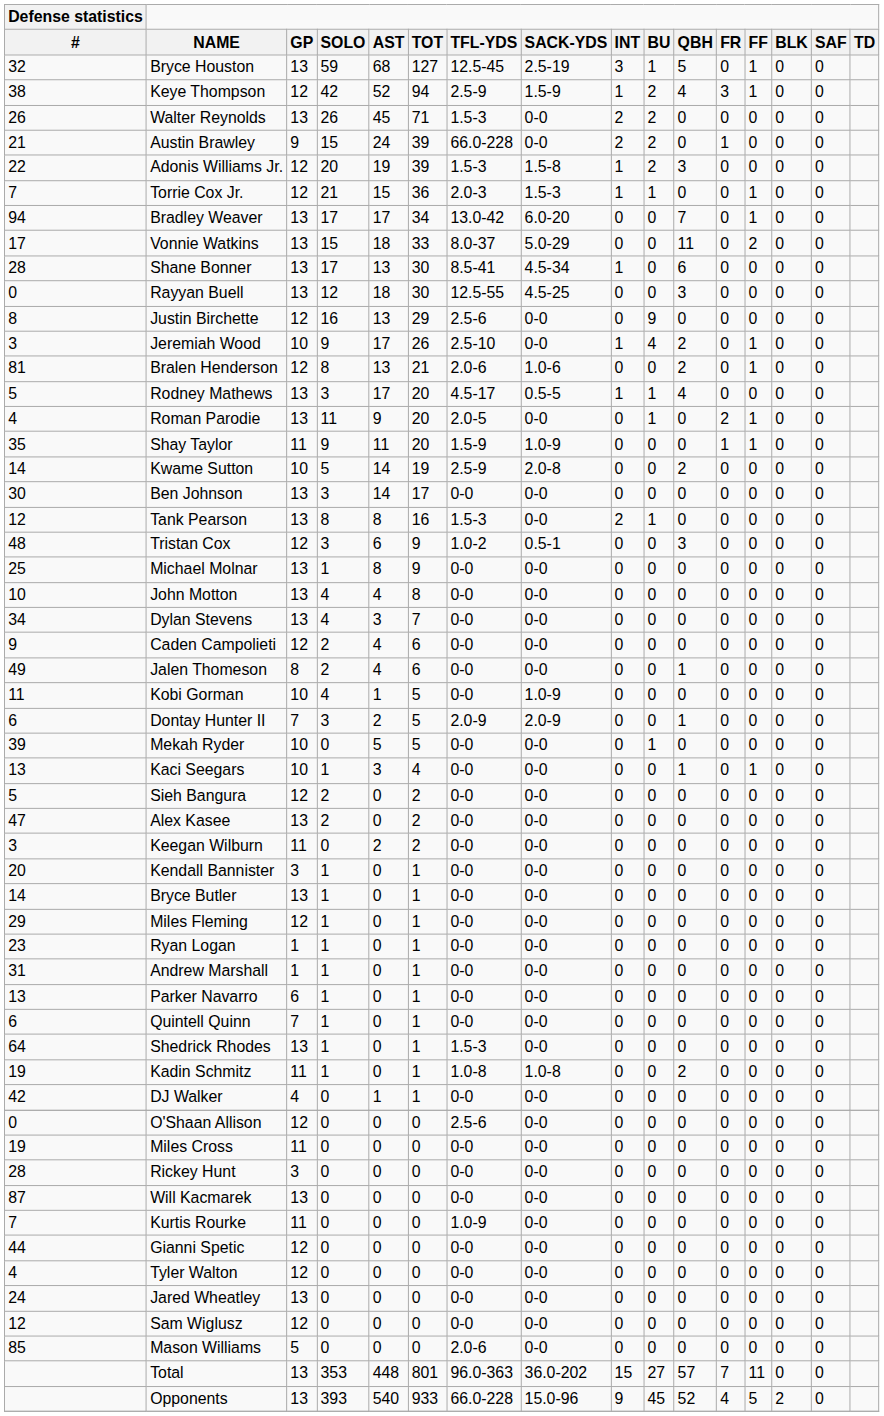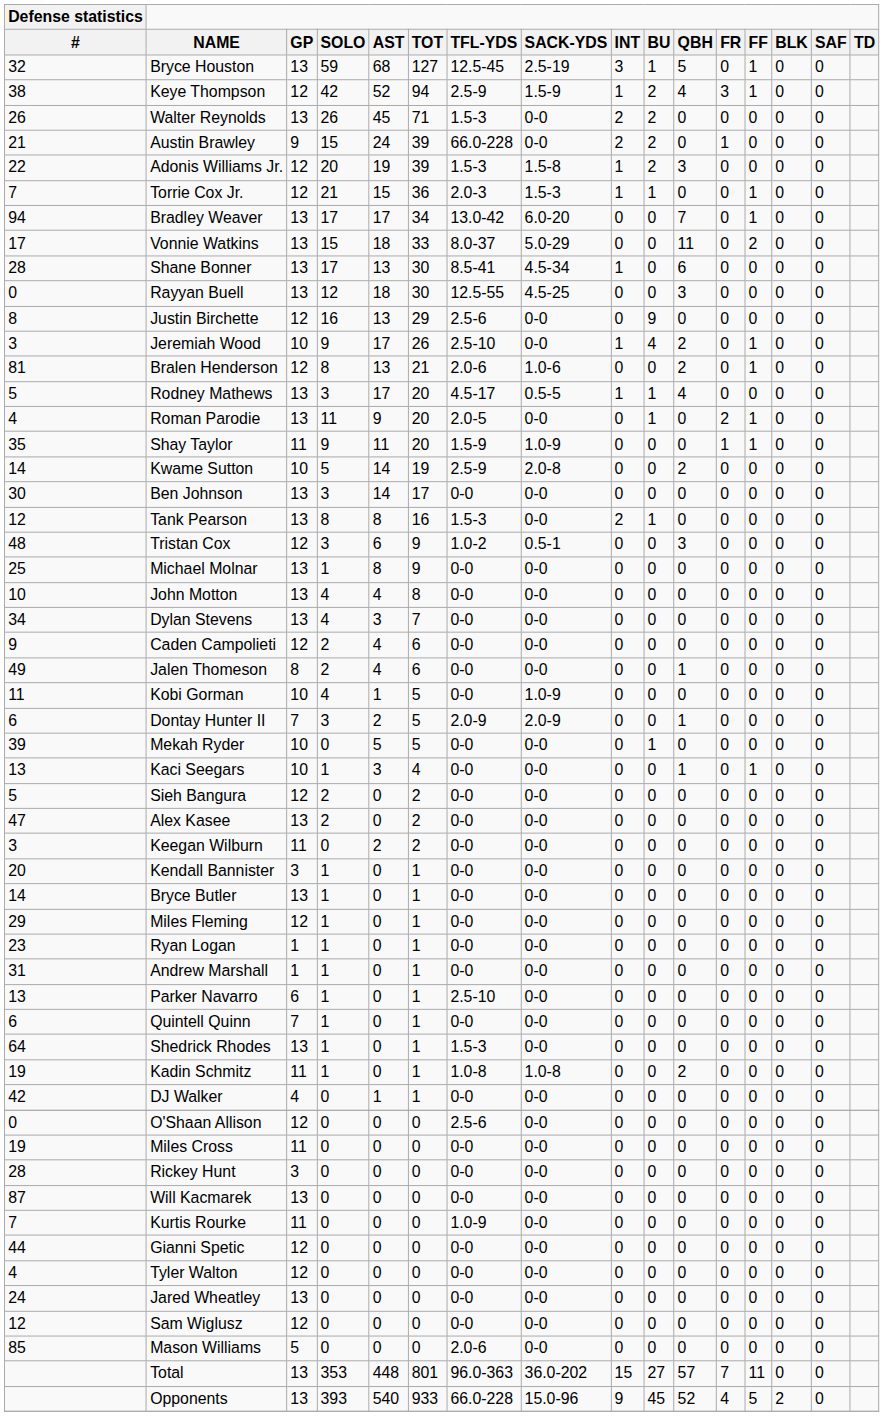 <table class="wikitable collapsible">
 <tr>
 <th style="text-align:center; ">Defense statistics</th>
 </tr>
 <tr>
 <th>#</th>
 <th>NAME</th>
 <th>GP</th>
 <th>SOLO</th>
 <th>AST</th>
 <th>TOT</th>
 <th>TFL-YDS</th>
 <th>SACK-YDS</th>
 <th>INT</th>
 <th>BU</th>
 <th>QBH</th>
 <th>FR</th>
 <th>FF</th>
 <th>BLK</th>
 <th>SAF</th>
 <th>TD</th>
 </tr>
 <tr>
 <td>32</td>
 <td>Bryce Houston</td>
 <td>13</td>
 <td>59</td>
 <td>68</td>
 <td>127</td>
 <td>12.5-45</td>
 <td>2.5-19</td>
 <td>3</td>
 <td>1</td>
 <td>5</td>
 <td>0</td>
 <td>1</td>
 <td>0</td>
 <td>0</td>
 <td></td>
 </tr>
 <tr>
 <td>38</td>
 <td>Keye Thompson</td>
 <td>12</td>
 <td>42</td>
 <td>52</td>
 <td>94</td>
 <td>2.5-9</td>
 <td>1.5-9</td>
 <td>1</td>
 <td>2</td>
 <td>4</td>
 <td>3</td>
 <td>1</td>
 <td>0</td>
 <td>0</td>
 <td></td>
 </tr>
 <tr>
 <td>26</td>
 <td>Walter Reynolds</td>
 <td>13</td>
 <td>26</td>
 <td>45</td>
 <td>71</td>
 <td>1.5-3</td>
 <td>0-0</td>
 <td>2</td>
 <td>2</td>
 <td>0</td>
 <td>0</td>
 <td>0</td>
 <td>0</td>
 <td>0</td>
 <td></td>
 </tr>
 <tr>
 <td>21</td>
 <td>Austin Brawley</td>
 <td>9</td>
 <td>15</td>
 <td>24</td>
 <td>39</td>
 <td>66.0-228</td>
 <td>0-0</td>
 <td>2</td>
 <td>2</td>
 <td>0</td>
 <td>1</td>
 <td>0</td>
 <td>0</td>
 <td>0</td>
 <td></td>
 </tr>
 <tr>
 <td>22</td>
 <td>Adonis Williams Jr.</td>
 <td>12</td>
 <td>20</td>
 <td>19</td>
 <td>39</td>
 <td>1.5-3</td>
 <td>1.5-8</td>
 <td>1</td>
 <td>2</td>
 <td>3</td>
 <td>0</td>
 <td>0</td>
 <td>0</td>
 <td>0</td>
 <td></td>
 </tr>
 <tr>
 <td>7</td>
 <td>Torrie Cox Jr.</td>
 <td>12</td>
 <td>21</td>
 <td>15</td>
 <td>36</td>
 <td>2.0-3</td>
 <td>1.5-3</td>
 <td>1</td>
 <td>1</td>
 <td>0</td>
 <td>0</td>
 <td>1</td>
 <td>0</td>
 <td>0</td>
 <td></td>
 </tr>
 <tr>
 <td>94</td>
 <td>Bradley Weaver</td>
 <td>13</td>
 <td>17</td>
 <td>17</td>
 <td>34</td>
 <td>13.0-42</td>
 <td>6.0-20</td>
 <td>0</td>
 <td>0</td>
 <td>7</td>
 <td>0</td>
 <td>1</td>
 <td>0</td>
 <td>0</td>
 <td></td>
 </tr>
 <tr>
 <td>17</td>
 <td>Vonnie Watkins</td>
 <td>13</td>
 <td>15</td>
 <td>18</td>
 <td>33</td>
 <td>8.0-37</td>
 <td>5.0-29</td>
 <td>0</td>
 <td>0</td>
 <td>11</td>
 <td>0</td>
 <td>2</td>
 <td>0</td>
 <td>0</td>
 <td></td>
 </tr>
 <tr>
 <td>28</td>
 <td>Shane Bonner</td>
 <td>13</td>
 <td>17</td>
 <td>13</td>
 <td>30</td>
 <td>8.5-41</td>
 <td>4.5-34</td>
 <td>1</td>
 <td>0</td>
 <td>6</td>
 <td>0</td>
 <td>0</td>
 <td>0</td>
 <td>0</td>
 <td></td>
 </tr>
 <tr>
 <td>0</td>
 <td>Rayyan Buell</td>
 <td>13</td>
 <td>12</td>
 <td>18</td>
 <td>30</td>
 <td>12.5-55</td>
 <td>4.5-25</td>
 <td>0</td>
 <td>0</td>
 <td>3</td>
 <td>0</td>
 <td>0</td>
 <td>0</td>
 <td>0</td>
 <td></td>
 </tr>
 <tr>
 <td>8</td>
 <td>Justin Birchette</td>
 <td>12</td>
 <td>16</td>
 <td>13</td>
 <td>29</td>
 <td>2.5-6</td>
 <td>0-0</td>
 <td>0</td>
 <td>9</td>
 <td>0</td>
 <td>0</td>
 <td>0</td>
 <td>0</td>
 <td>0</td>
 <td></td>
 </tr>
 <tr>
 <td>3</td>
 <td>Jeremiah Wood</td>
 <td>10</td>
 <td>9</td>
 <td>17</td>
 <td>26</td>
 <td>2.5-10</td>
 <td>0-0</td>
 <td>1</td>
 <td>4</td>
 <td>2</td>
 <td>0</td>
 <td>1</td>
 <td>0</td>
 <td>0</td>
 <td></td>
 </tr>
 <tr>
 <td>81</td>
 <td>Bralen Henderson</td>
 <td>12</td>
 <td>8</td>
 <td>13</td>
 <td>21</td>
 <td>2.0-6</td>
 <td>1.0-6</td>
 <td>0</td>
 <td>0</td>
 <td>2</td>
 <td>0</td>
 <td>1</td>
 <td>0</td>
 <td>0</td>
 <td></td>
 </tr>
 <tr>
 <td>5</td>
 <td>Rodney Mathews</td>
 <td>13</td>
 <td>3</td>
 <td>17</td>
 <td>20</td>
 <td>4.5-17</td>
 <td>0.5-5</td>
 <td>1</td>
 <td>1</td>
 <td>4</td>
 <td>0</td>
 <td>0</td>
 <td>0</td>
 <td>0</td>
 <td></td>
 </tr>
 <tr>
 <td>4</td>
 <td>Roman Parodie</td>
 <td>13</td>
 <td>11</td>
 <td>9</td>
 <td>20</td>
 <td>2.0-5</td>
 <td>0-0</td>
 <td>0</td>
 <td>1</td>
 <td>0</td>
 <td>2</td>
 <td>1</td>
 <td>0</td>
 <td>0</td>
 <td></td>
 </tr>
 <tr>
 <td>35</td>
 <td>Shay Taylor</td>
 <td>11</td>
 <td>9</td>
 <td>11</td>
 <td>20</td>
 <td>1.5-9</td>
 <td>1.0-9</td>
 <td>0</td>
 <td>0</td>
 <td>0</td>
 <td>1</td>
 <td>1</td>
 <td>0</td>
 <td>0</td>
 <td></td>
 </tr>
 <tr>
 <td>14</td>
 <td>Kwame Sutton</td>
 <td>10</td>
 <td>5</td>
 <td>14</td>
 <td>19</td>
 <td>2.5-9</td>
 <td>2.0-8</td>
 <td>0</td>
 <td>0</td>
 <td>2</td>
 <td>0</td>
 <td>0</td>
 <td>0</td>
 <td>0</td>
 <td></td>
 </tr>
 <tr>
 <td>30</td>
 <td>Ben Johnson</td>
 <td>13</td>
 <td>3</td>
 <td>14</td>
 <td>17</td>
 <td>0-0</td>
 <td>0-0</td>
 <td>0</td>
 <td>0</td>
 <td>0</td>
 <td>0</td>
 <td>0</td>
 <td>0</td>
 <td>0</td>
 <td></td>
 </tr>
 <tr>
 <td>12</td>
 <td>Tank Pearson</td>
 <td>13</td>
 <td>8</td>
 <td>8</td>
 <td>16</td>
 <td>1.5-3</td>
 <td>0-0</td>
 <td>2</td>
 <td>1</td>
 <td>0</td>
 <td>0</td>
 <td>0</td>
 <td>0</td>
 <td>0</td>
 <td></td>
 </tr>
 <tr>
 <td>48</td>
 <td>Tristan Cox</td>
 <td>12</td>
 <td>3</td>
 <td>6</td>
 <td>9</td>
 <td>1.0-2</td>
 <td>0.5-1</td>
 <td>0</td>
 <td>0</td>
 <td>3</td>
 <td>0</td>
 <td>0</td>
 <td>0</td>
 <td>0</td>
 <td></td>
 </tr>
 <tr>
 <td>25</td>
 <td>Michael Molnar</td>
 <td>13</td>
 <td>1</td>
 <td>8</td>
 <td>9</td>
 <td>0-0</td>
 <td>0-0</td>
 <td>0</td>
 <td>0</td>
 <td>0</td>
 <td>0</td>
 <td>0</td>
 <td>0</td>
 <td>0</td>
 <td></td>
 </tr>
 <tr>
 <td>10</td>
 <td>John Motton</td>
 <td>13</td>
 <td>4</td>
 <td>4</td>
 <td>8</td>
 <td>0-0</td>
 <td>0-0</td>
 <td>0</td>
 <td>0</td>
 <td>0</td>
 <td>0</td>
 <td>0</td>
 <td>0</td>
 <td>0</td>
 <td></td>
 </tr>
 <tr>
 <td>34</td>
 <td>Dylan Stevens</td>
 <td>13</td>
 <td>4</td>
 <td>3</td>
 <td>7</td>
 <td>0-0</td>
 <td>0-0</td>
 <td>0</td>
 <td>0</td>
 <td>0</td>
 <td>0</td>
 <td>0</td>
 <td>0</td>
 <td>0</td>
 <td></td>
 </tr>
 <tr>
 <td>9</td>
 <td>Caden Campolieti</td>
 <td>12</td>
 <td>2</td>
 <td>4</td>
 <td>6</td>
 <td>0-0</td>
 <td>0-0</td>
 <td>0</td>
 <td>0</td>
 <td>0</td>
 <td>0</td>
 <td>0</td>
 <td>0</td>
 <td>0</td>
 <td></td>
 </tr>
 <tr>
 <td>49</td>
 <td>Jalen Thomeson</td>
 <td>8</td>
 <td>2</td>
 <td>4</td>
 <td>6</td>
 <td>0-0</td>
 <td>0-0</td>
 <td>0</td>
 <td>0</td>
 <td>1</td>
 <td>0</td>
 <td>0</td>
 <td>0</td>
 <td>0</td>
 <td></td>
 </tr>
 <tr>
 <td>11</td>
 <td>Kobi Gorman</td>
 <td>10</td>
 <td>4</td>
 <td>1</td>
 <td>5</td>
 <td>0-0</td>
 <td>1.0-9</td>
 <td>0</td>
 <td>0</td>
 <td>0</td>
 <td>0</td>
 <td>0</td>
 <td>0</td>
 <td>0</td>
 <td></td>
 </tr>
 <tr>
 <td>6</td>
 <td>Dontay Hunter II</td>
 <td>7</td>
 <td>3</td>
 <td>2</td>
 <td>5</td>
 <td>2.0-9</td>
 <td>2.0-9</td>
 <td>0</td>
 <td>0</td>
 <td>1</td>
 <td>0</td>
 <td>0</td>
 <td>0</td>
 <td>0</td>
 <td></td>
 </tr>
 <tr>
 <td>39</td>
 <td>Mekah Ryder</td>
 <td>10</td>
 <td>0</td>
 <td>5</td>
 <td>5</td>
 <td>0-0</td>
 <td>0-0</td>
 <td>0</td>
 <td>1</td>
 <td>0</td>
 <td>0</td>
 <td>0</td>
 <td>0</td>
 <td>0</td>
 <td></td>
 </tr>
 <tr>
 <td>13</td>
 <td>Kaci Seegars</td>
 <td>10</td>
 <td>1</td>
 <td>3</td>
 <td>4</td>
 <td>0-0</td>
 <td>0-0</td>
 <td>0</td>
 <td>0</td>
 <td>1</td>
 <td>0</td>
 <td>1</td>
 <td>0</td>
 <td>0</td>
 <td></td>
 </tr>
 <tr>
 <td>5</td>
 <td>Sieh Bangura</td>
 <td>12</td>
 <td>2</td>
 <td>0</td>
 <td>2</td>
 <td>0-0</td>
 <td>0-0</td>
 <td>0</td>
 <td>0</td>
 <td>0</td>
 <td>0</td>
 <td>0</td>
 <td>0</td>
 <td>0</td>
 <td></td>
 </tr>
 <tr>
 <td>47</td>
 <td>Alex Kasee</td>
 <td>13</td>
 <td>2</td>
 <td>0</td>
 <td>2</td>
 <td>0-0</td>
 <td>0-0</td>
 <td>0</td>
 <td>0</td>
 <td>0</td>
 <td>0</td>
 <td>0</td>
 <td>0</td>
 <td>0</td>
 <td></td>
 </tr>
 <tr>
 <td>3</td>
 <td>Keegan Wilburn</td>
 <td>11</td>
 <td>0</td>
 <td>2</td>
 <td>2</td>
 <td>0-0</td>
 <td>0-0</td>
 <td>0</td>
 <td>0</td>
 <td>0</td>
 <td>0</td>
 <td>0</td>
 <td>0</td>
 <td>0</td>
 <td></td>
 </tr>
 <tr>
 <td>20</td>
 <td>Kendall Bannister</td>
 <td>3</td>
 <td>1</td>
 <td>0</td>
 <td>1</td>
 <td>0-0</td>
 <td>0-0</td>
 <td>0</td>
 <td>0</td>
 <td>0</td>
 <td>0</td>
 <td>0</td>
 <td>0</td>
 <td>0</td>
 <td></td>
 </tr>
 <tr>
 <td>14</td>
 <td>Bryce Butler</td>
 <td>13</td>
 <td>1</td>
 <td>0</td>
 <td>1</td>
 <td>0-0</td>
 <td>0-0</td>
 <td>0</td>
 <td>0</td>
 <td>0</td>
 <td>0</td>
 <td>0</td>
 <td>0</td>
 <td>0</td>
 <td></td>
 </tr>
 <tr>
 <td>29</td>
 <td>Miles Fleming</td>
 <td>12</td>
 <td>1</td>
 <td>0</td>
 <td>1</td>
 <td>0-0</td>
 <td>0-0</td>
 <td>0</td>
 <td>0</td>
 <td>0</td>
 <td>0</td>
 <td>0</td>
 <td>0</td>
 <td>0</td>
 <td></td>
 </tr>
 <tr>
 <td>23</td>
 <td>Ryan Logan</td>
 <td>1</td>
 <td>1</td>
 <td>0</td>
 <td>1</td>
 <td>0-0</td>
 <td>0-0</td>
 <td>0</td>
 <td>0</td>
 <td>0</td>
 <td>0</td>
 <td>0</td>
 <td>0</td>
 <td>0</td>
 <td></td>
 </tr>
 <tr>
 <td>31</td>
 <td>Andrew Marshall</td>
 <td>1</td>
 <td>1</td>
 <td>0</td>
 <td>1</td>
 <td>0-0</td>
 <td>0-0</td>
 <td>0</td>
 <td>0</td>
 <td>0</td>
 <td>0</td>
 <td>0</td>
 <td>0</td>
 <td>0</td>
 <td></td>
 </tr>
 <tr>
 <td>13</td>
 <td>Parker Navarro</td>
 <td>6</td>
 <td>1</td>
 <td>0</td>
 <td>1</td>
-<td>0-0</td>
+<td>2.5-10</td>
 <td>0-0</td>
 <td>0</td>
 <td>0</td>
 <td>0</td>
 <td>0</td>
 <td>0</td>
 <td>0</td>
 <td>0</td>
 <td></td>
 </tr>
 <tr>
 <td>6</td>
 <td>Quintell Quinn</td>
 <td>7</td>
 <td>1</td>
 <td>0</td>
 <td>1</td>
 <td>0-0</td>
 <td>0-0</td>
 <td>0</td>
 <td>0</td>
 <td>0</td>
 <td>0</td>
 <td>0</td>
 <td>0</td>
 <td>0</td>
 <td></td>
 </tr>
 <tr>
 <td>64</td>
 <td>Shedrick Rhodes</td>
 <td>13</td>
 <td>1</td>
 <td>0</td>
 <td>1</td>
 <td>1.5-3</td>
 <td>0-0</td>
 <td>0</td>
 <td>0</td>
 <td>0</td>
 <td>0</td>
 <td>0</td>
 <td>0</td>
 <td>0</td>
 <td></td>
 </tr>
 <tr>
 <td>19</td>
 <td>Kadin Schmitz</td>
 <td>11</td>
 <td>1</td>
 <td>0</td>
 <td>1</td>
 <td>1.0-8</td>
 <td>1.0-8</td>
 <td>0</td>
 <td>0</td>
 <td>2</td>
 <td>0</td>
 <td>0</td>
 <td>0</td>
 <td>0</td>
 <td></td>
 </tr>
 <tr>
 <td>42</td>
 <td>DJ Walker</td>
 <td>4</td>
 <td>0</td>
 <td>1</td>
 <td>1</td>
 <td>0-0</td>
 <td>0-0</td>
 <td>0</td>
 <td>0</td>
 <td>0</td>
 <td>0</td>
 <td>0</td>
 <td>0</td>
 <td>0</td>
 <td></td>
 </tr>
 <tr>
 </tr>
 <tr>
 <td>0</td>
 <td>O'Shaan Allison</td>
 <td>12</td>
 <td>0</td>
 <td>0</td>
 <td>0</td>
 <td>2.5-6</td>
 <td>0-0</td>
 <td>0</td>
 <td>0</td>
 <td>0</td>
 <td>0</td>
 <td>0</td>
 <td>0</td>
 <td>0</td>
 <td></td>
 </tr>
 <tr>
 <td>19</td>
 <td>Miles Cross</td>
 <td>11</td>
 <td>0</td>
 <td>0</td>
 <td>0</td>
 <td>0-0</td>
 <td>0-0</td>
 <td>0</td>
 <td>0</td>
 <td>0</td>
 <td>0</td>
 <td>0</td>
 <td>0</td>
 <td>0</td>
 <td></td>
 </tr>
 <tr>
 <td>28</td>
 <td>Rickey Hunt</td>
 <td>3</td>
 <td>0</td>
 <td>0</td>
 <td>0</td>
 <td>0-0</td>
 <td>0-0</td>
 <td>0</td>
 <td>0</td>
 <td>0</td>
 <td>0</td>
 <td>0</td>
 <td>0</td>
 <td>0</td>
 <td></td>
 </tr>
 <tr>
 <td>87</td>
 <td>Will Kacmarek</td>
 <td>13</td>
 <td>0</td>
 <td>0</td>
 <td>0</td>
 <td>0-0</td>
 <td>0-0</td>
 <td>0</td>
 <td>0</td>
 <td>0</td>
 <td>0</td>
 <td>0</td>
 <td>0</td>
 <td>0</td>
 <td></td>
 </tr>
 <tr>
 <td>7</td>
 <td>Kurtis Rourke</td>
 <td>11</td>
 <td>0</td>
 <td>0</td>
 <td>0</td>
 <td>1.0-9</td>
 <td>0-0</td>
 <td>0</td>
 <td>0</td>
 <td>0</td>
 <td>0</td>
 <td>0</td>
 <td>0</td>
 <td>0</td>
 <td></td>
 </tr>
 <tr>
 <td>44</td>
 <td>Gianni Spetic</td>
 <td>12</td>
 <td>0</td>
 <td>0</td>
 <td>0</td>
 <td>0-0</td>
 <td>0-0</td>
 <td>0</td>
 <td>0</td>
 <td>0</td>
 <td>0</td>
 <td>0</td>
 <td>0</td>
 <td>0</td>
 <td></td>
 </tr>
 <tr>
 <td>4</td>
 <td>Tyler Walton</td>
 <td>12</td>
 <td>0</td>
 <td>0</td>
 <td>0</td>
 <td>0-0</td>
 <td>0-0</td>
 <td>0</td>
 <td>0</td>
 <td>0</td>
 <td>0</td>
 <td>0</td>
 <td>0</td>
 <td>0</td>
 <td></td>
 </tr>
 <tr>
 <td>24</td>
 <td>Jared Wheatley</td>
 <td>13</td>
 <td>0</td>
 <td>0</td>
 <td>0</td>
 <td>0-0</td>
 <td>0-0</td>
 <td>0</td>
 <td>0</td>
 <td>0</td>
 <td>0</td>
 <td>0</td>
 <td>0</td>
 <td>0</td>
 <td></td>
 </tr>
 <tr>
 <td>12</td>
 <td>Sam Wiglusz</td>
 <td>12</td>
 <td>0</td>
 <td>0</td>
 <td>0</td>
 <td>0-0</td>
 <td>0-0</td>
 <td>0</td>
 <td>0</td>
 <td>0</td>
 <td>0</td>
 <td>0</td>
 <td>0</td>
 <td>0</td>
 <td></td>
 </tr>
 <tr>
 <td>85</td>
 <td>Mason Williams</td>
 <td>5</td>
 <td>0</td>
 <td>0</td>
 <td>0</td>
 <td>2.0-6</td>
 <td>0-0</td>
 <td>0</td>
 <td>0</td>
 <td>0</td>
 <td>0</td>
 <td>0</td>
 <td>0</td>
 <td>0</td>
 <td></td>
 </tr>
 <tr>
 <td></td>
 <td>Total</td>
 <td>13</td>
 <td>353</td>
 <td>448</td>
 <td>801</td>
 <td>96.0-363</td>
 <td>36.0-202</td>
 <td>15</td>
 <td>27</td>
 <td>57</td>
 <td>7</td>
 <td>11</td>
 <td>0</td>
 <td>0</td>
 <td></td>
 </tr>
 <tr>
 <td></td>
 <td>Opponents</td>
 <td>13</td>
 <td>393</td>
 <td>540</td>
 <td>933</td>
 <td>66.0-228</td>
 <td>15.0-96</td>
 <td>9</td>
 <td>45</td>
 <td>52</td>
 <td>4</td>
 <td>5</td>
 <td>2</td>
 <td>0</td>
 <td></td>
 </tr>
 <tr>
 </tr>
 </table>
